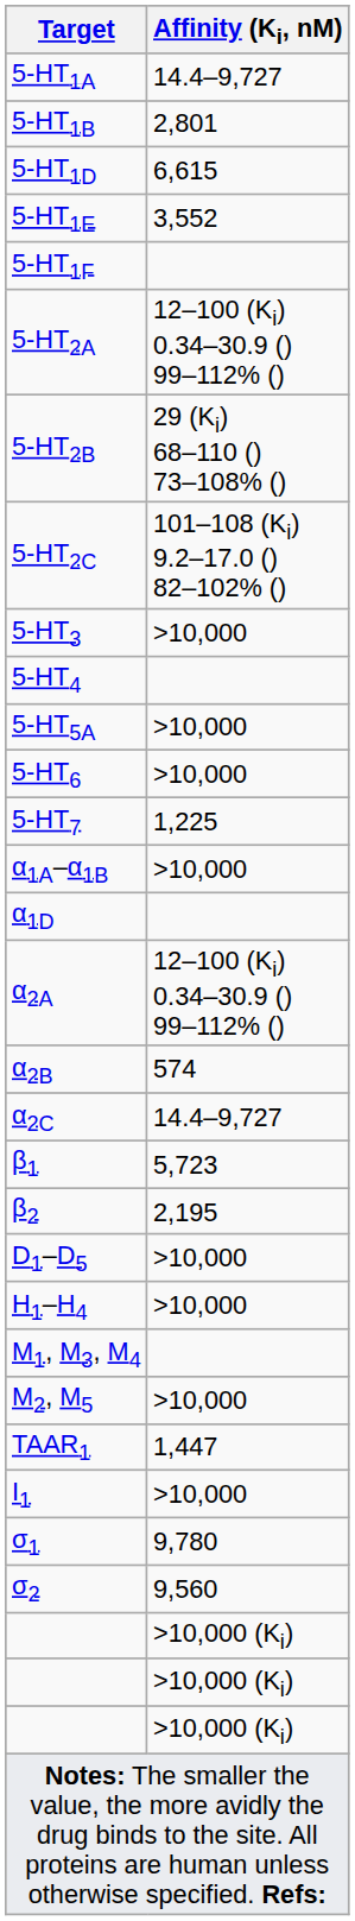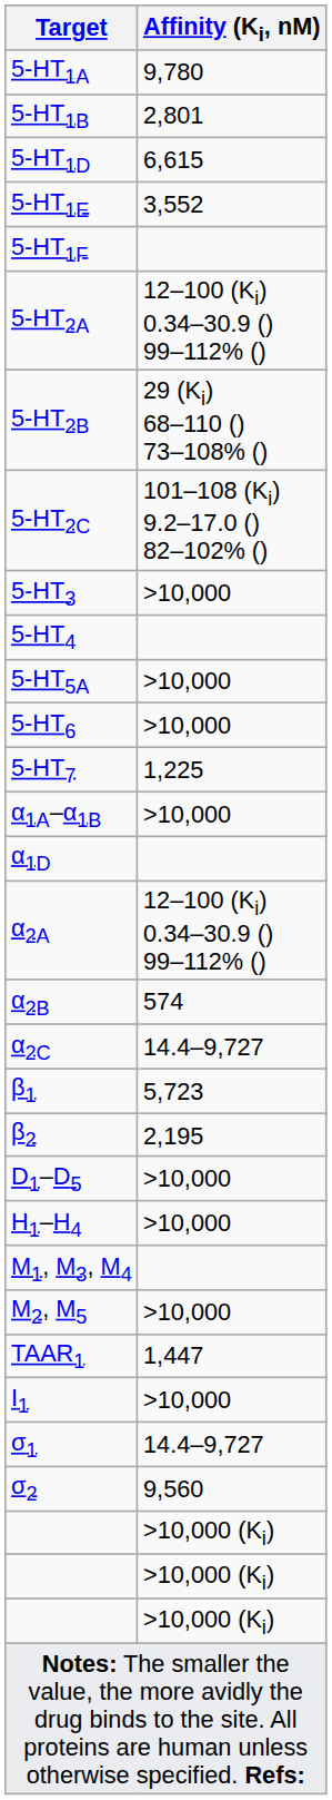 <table class="wikitable floatright" style="font-size:small;">
 <tr>
 <th><a href='#'>Target</a></th>
 <th><a href='#'>Affinity</a> (K<sub>i</sub>, nM)</th>
 </tr>
 <tr>
 <td><a href='#'>5-HT<sub>1A</sub></a></td>
-<td>14.4–9,727</td>
+<td>9,780</td>
 </tr>
 <tr>
 <td><a href='#'>5-HT<sub>1B</sub></a></td>
 <td>2,801</td>
 </tr>
 <tr>
 <td><a href='#'>5-HT<sub>1D</sub></a></td>
 <td>6,615</td>
 </tr>
 <tr>
 <td><a href='#'>5-HT<sub>1E</sub></a></td>
 <td>3,552</td>
 </tr>
 <tr>
 <td><a href='#'>5-HT<sub>1F</sub></a></td>
 <td></td>
 </tr>
 <tr>
 <td><a href='#'>5-HT<sub>2A</sub></a></td>
 <td>12–100 (K<sub>i</sub>)<br>0.34–30.9 ()<br>99–112% ()</td>
 </tr>
 <tr>
 <td><a href='#'>5-HT<sub>2B</sub></a></td>
 <td>29 (K<sub>i</sub>)<br>68–110 ()<br>73–108% ()</td>
 </tr>
 <tr>
 <td><a href='#'>5-HT<sub>2C</sub></a></td>
 <td>101–108 (K<sub>i</sub>)<br>9.2–17.0 ()<br>82–102% ()</td>
 </tr>
 <tr>
 <td><a href='#'>5-HT<sub>3</sub></a></td>
 <td>>10,000</td>
 </tr>
 <tr>
 <td><a href='#'>5-HT<sub>4</sub></a></td>
 <td></td>
 </tr>
 <tr>
 <td><a href='#'>5-HT<sub>5A</sub></a></td>
 <td>>10,000</td>
 </tr>
 <tr>
 <td><a href='#'>5-HT<sub>6</sub></a></td>
 <td>>10,000</td>
 </tr>
 <tr>
 <td><a href='#'>5-HT<sub>7</sub></a></td>
 <td>1,225</td>
 </tr>
 <tr>
 <td><a href='#'>α<sub>1A</sub></a>–<a href='#'>α<sub>1B</sub></a></td>
 <td>>10,000</td>
 </tr>
 <tr>
 <td><a href='#'>α<sub>1D</sub></a></td>
 <td></td>
 </tr>
 <tr>
 <td><a href='#'>α<sub>2A</sub></a></td>
 <td>12–100 (K<sub>i</sub>)<br>0.34–30.9 ()<br>99–112% ()</td>
 </tr>
 <tr>
 <td><a href='#'>α<sub>2B</sub></a></td>
 <td>574</td>
 </tr>
 <tr>
 <td><a href='#'>α<sub>2C</sub></a></td>
 <td>14.4–9,727</td>
 </tr>
 <tr>
 <td><a href='#'>β<sub>1</sub></a></td>
 <td>5,723</td>
 </tr>
 <tr>
 <td><a href='#'>β<sub>2</sub></a></td>
 <td>2,195</td>
 </tr>
 <tr>
 <td><a href='#'>D<sub>1</sub></a>–<a href='#'>D<sub>5</sub></a></td>
 <td>>10,000</td>
 </tr>
 <tr>
 <td><a href='#'>H<sub>1</sub></a>–<a href='#'>H<sub>4</sub></a></td>
 <td>>10,000</td>
 </tr>
 <tr>
 <td><a href='#'>M<sub>1</sub></a>, <a href='#'>M<sub>3</sub></a>, <a href='#'>M<sub>4</sub></a></td>
 <td></td>
 </tr>
 <tr>
 <td><a href='#'>M<sub>2</sub></a>, <a href='#'>M<sub>5</sub></a></td>
 <td>>10,000</td>
 </tr>
 <tr>
 <td><a href='#'>TAAR<sub>1</sub></a></td>
 <td>1,447</td>
 </tr>
 <tr>
 <td><a href='#'>I<sub>1</sub></a></td>
 <td>>10,000</td>
 </tr>
 <tr>
 <td><a href='#'>σ<sub>1</sub></a></td>
-<td>9,780</td>
+<td>14.4–9,727</td>
 </tr>
 <tr>
 <td><a href='#'>σ<sub>2</sub></a></td>
 <td>9,560</td>
 </tr>
 <tr>
 <td></td>
 <td>>10,000 (K<sub>i</sub>)</td>
 </tr>
 <tr>
 <td></td>
 <td>>10,000 (K<sub>i</sub>)</td>
 </tr>
 <tr>
 <td></td>
 <td>>10,000 (K<sub>i</sub>)</td>
 </tr>
 <tr class="sortbottom">
 <td colspan="2" style="width: 1px; background-color:#eaecf0; text-align: center;"><strong>Notes:</strong> The smaller the value, the more avidly the drug binds to the site. All proteins are human unless otherwise specified. <strong>Refs:</strong> </td>
 </tr>
 </table>
